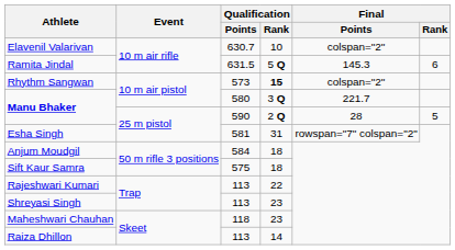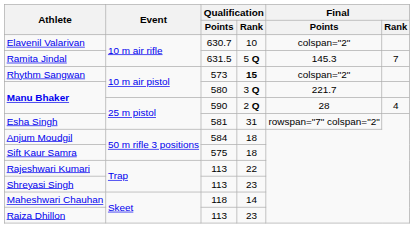 <table class="wikitable" style="font-size:90%">
 <tr>
 <th rowspan="2">Athlete</th>
 <th rowspan="2">Event</th>
 <th colspan=2>Qualification</th>
 <th colspan=2>Final</th>
 </tr>
 <tr style="font-size:95%">
 <th>Points</th>
 <th>Rank</th>
 <th>Points</th>
 <th>Rank</th>
 </tr>
 <tr align=center>
 <td align=left><a href='#'>Elavenil Valarivan</a></td>
 <td align=left rowspan=2><a href='#'>10 m air rifle</a></td>
 <td>630.7</td>
 <td>10</td>
 <td>colspan="2"</td>
 </tr>
 <tr align=center>
 <td align=left><a href='#'>Ramita Jindal</a></td>
 <td>631.5</td>
 <td>5 <strong>Q</strong></td>
 <td>145.3</td>
-<td>6</td>
+<td>7</td>
 </tr>
 <tr align=center>
 <td align=left><a href='#'>Rhythm Sangwan</a></td>
 <td align=left rowspan=2><a href='#'>10 m air pistol</a></td>
 <td>573</td>
 <td><strong>15</strong></td>
 <td>colspan="2"</td>
 </tr>
 <tr align=center>
 <td rowspan="2" align="left"><strong><a href='#'>Manu Bhaker</a></strong></td>
 <td>580</td>
 <td>3 <strong>Q</strong></td>
 <td>221.7</td>
 <td></td>
 </tr>
 <tr align=center>
 <td align=left rowspan=2><a href='#'>25 m pistol</a></td>
 <td>590</td>
 <td>2 <strong>Q</strong></td>
 <td>28</td>
-<td>5</td>
+<td>4</td>
 </tr>
 <tr align=center>
 <td align=left><a href='#'>Esha Singh</a></td>
 <td>581</td>
 <td>31</td>
 <td>rowspan="7" colspan="2"</td>
 </tr>
 <tr align=center>
 <td align=left><a href='#'>Anjum Moudgil</a></td>
 <td align=left rowspan=2><a href='#'>50 m rifle 3 positions</a></td>
 <td>584</td>
 <td>18</td>
 </tr>
 <tr align=center>
 <td align=left><a href='#'>Sift Kaur Samra</a></td>
 <td>575</td>
 <td>18</td>
 </tr>
 <tr align=center>
 <td align=left><a href='#'>Rajeshwari Kumari</a></td>
 <td align=left rowspan=2><a href='#'>Trap</a></td>
 <td>113</td>
 <td>22</td>
 </tr>
 <tr align=center>
 <td align=left><a href='#'>Shreyasi Singh</a></td>
 <td>113</td>
 <td>23</td>
 </tr>
 <tr align=center>
 <td align=left><a href='#'>Maheshwari Chauhan</a></td>
 <td align=left rowspan=2><a href='#'>Skeet</a></td>
 <td>118</td>
-<td>23</td>
+<td>14</td>
 </tr>
 <tr align=center>
 <td align=left><a href='#'>Raiza Dhillon</a></td>
 <td>113</td>
-<td>14</td>
+<td>23</td>
 </tr>
 </table>
